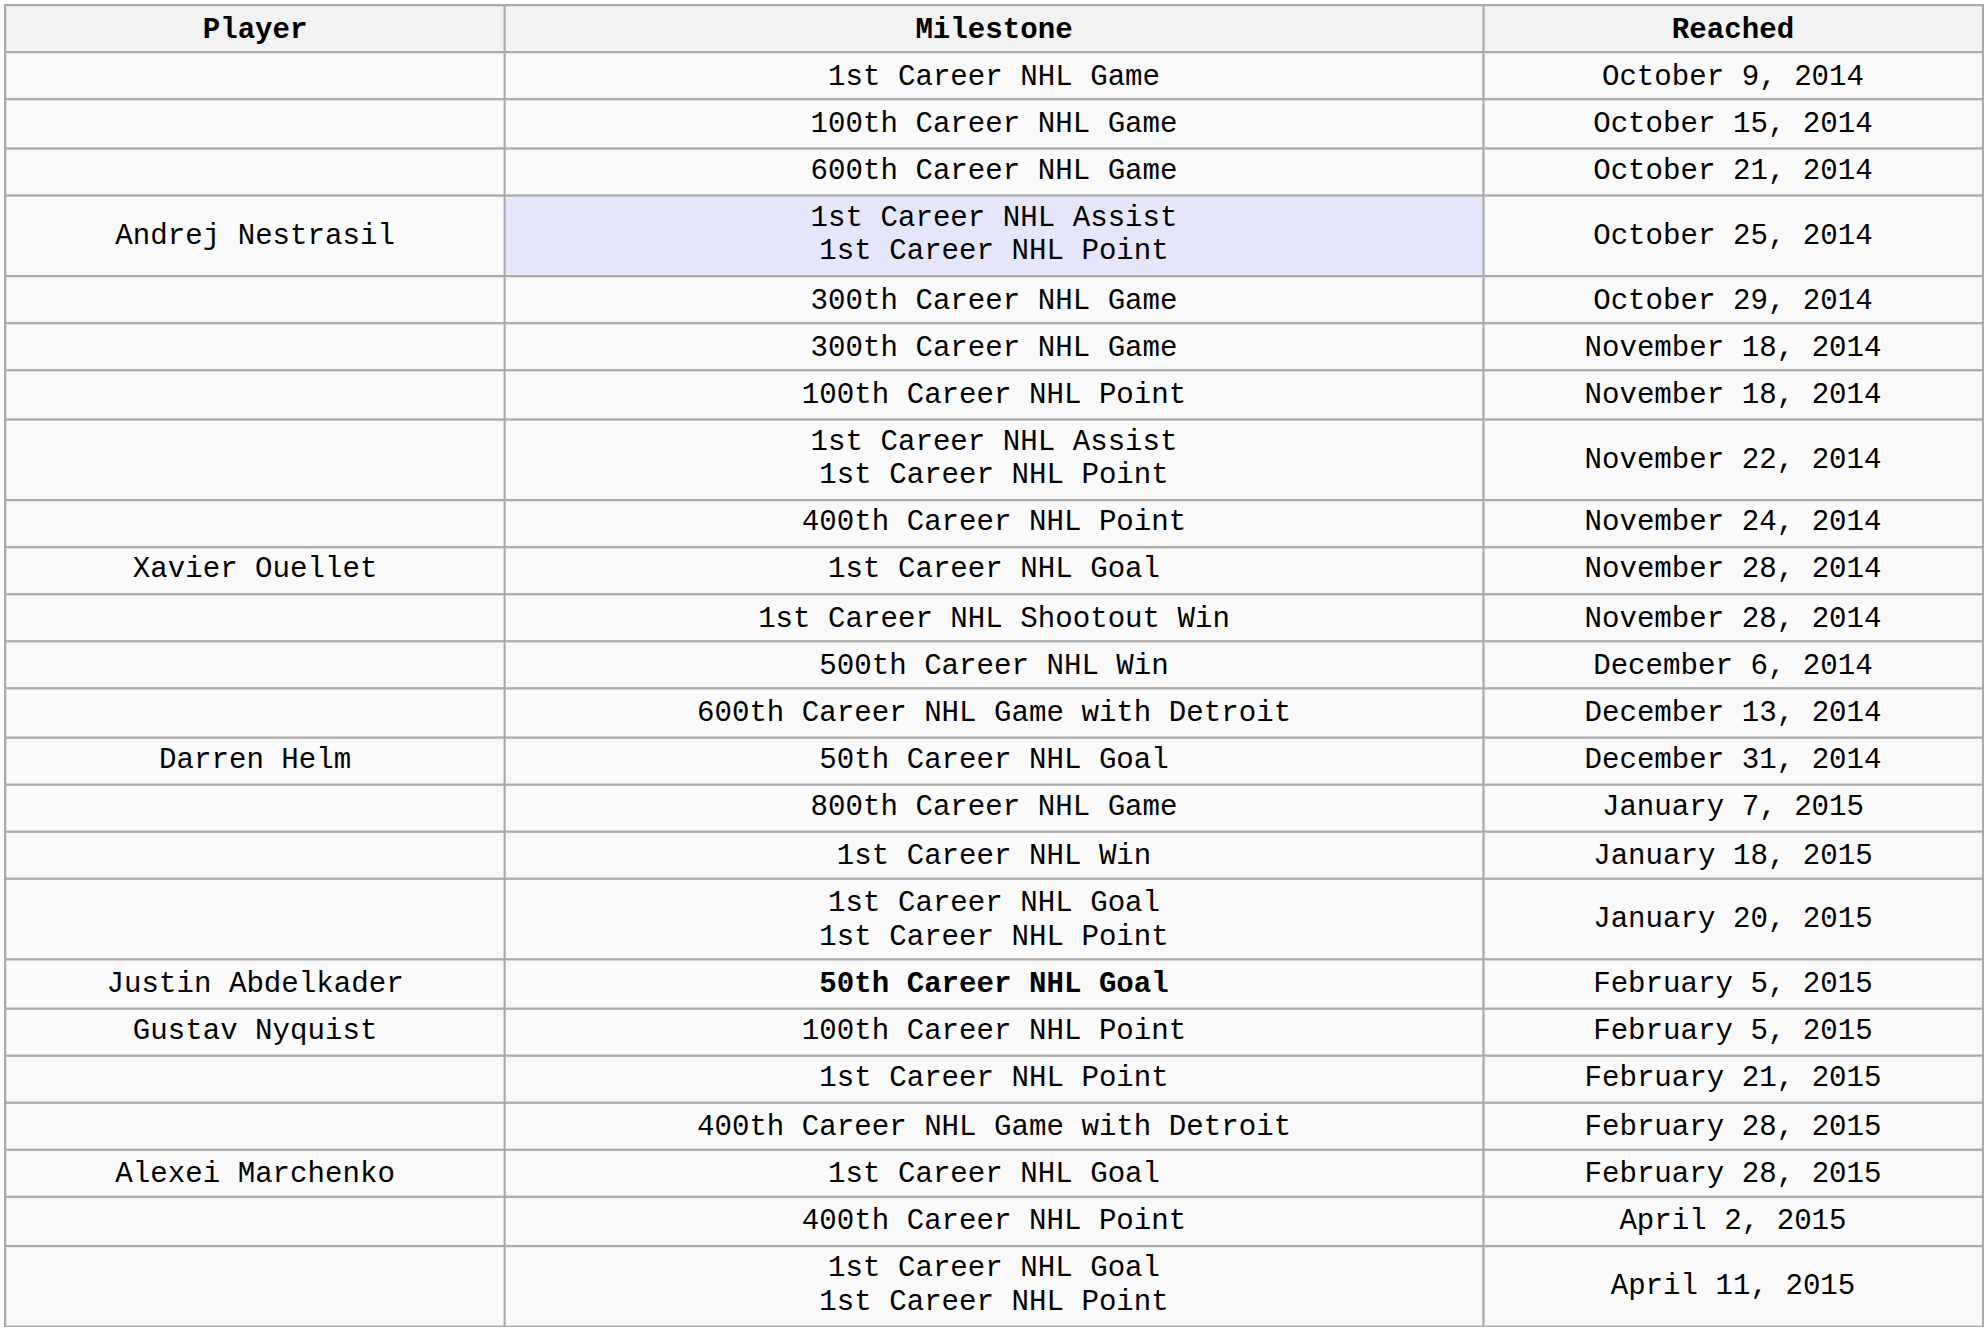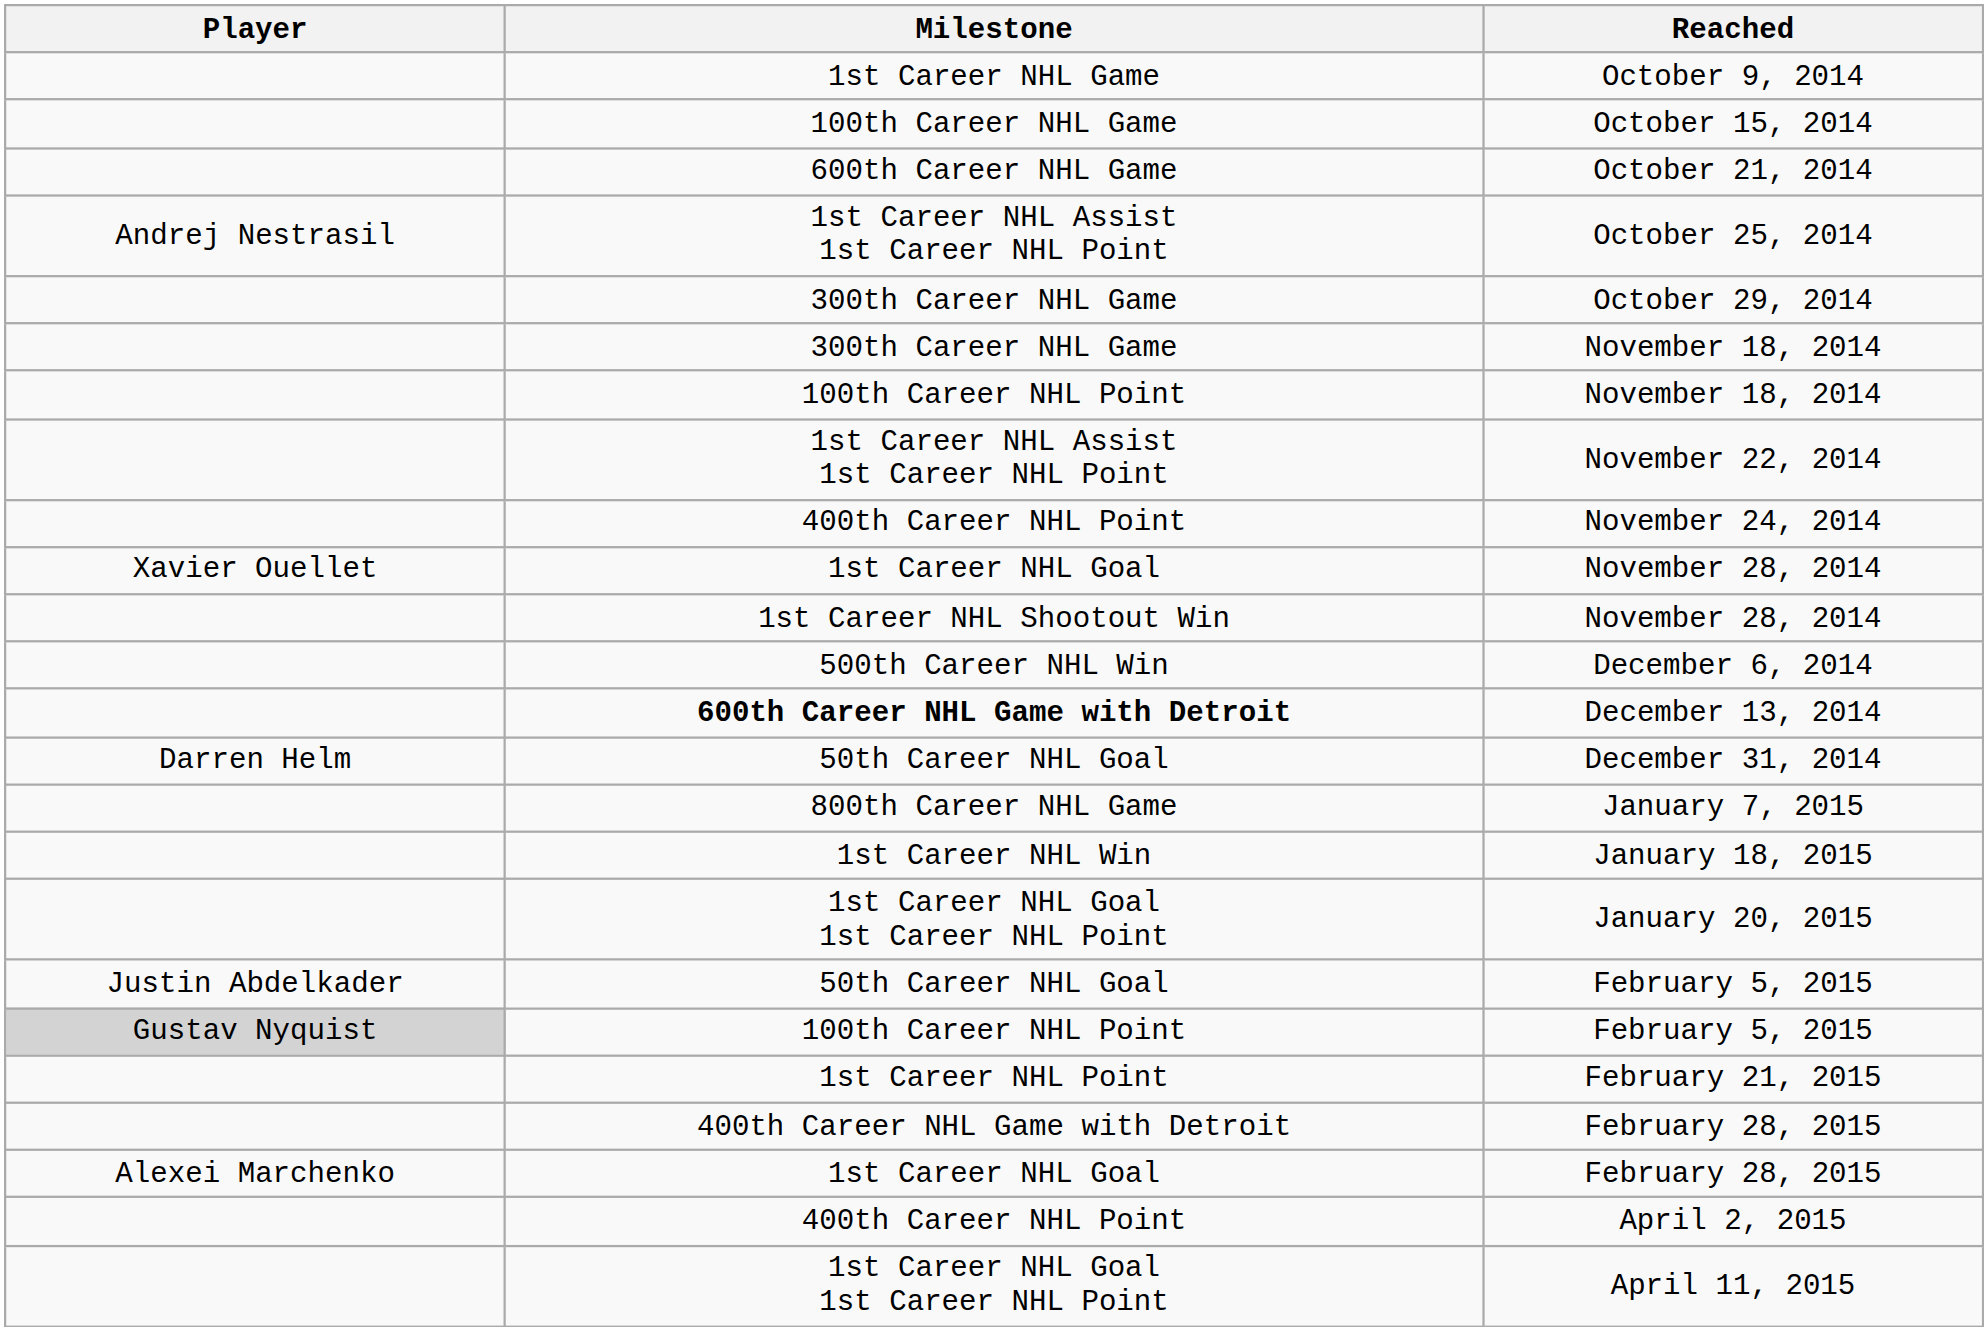 <table class="wikitable sortable" style="width:100%;">
 <tr align=center>
 <th>Player</th>
 <th>Milestone</th>
 <th data-sort-type="date">Reached</th>
 </tr>
 <tr align=center>
 <td></td>
 <td>1st Career NHL Game</td>
 <td>October 9, 2014</td>
 </tr>
 <tr align=center>
 <td></td>
 <td>100th Career NHL Game</td>
 <td>October 15, 2014</td>
 </tr>
 <tr align=center>
 <td></td>
 <td>600th Career NHL Game</td>
 <td>October 21, 2014</td>
 </tr>
 <tr align=center>
 <td>Andrej Nestrasil</td>
-<td style="background: lavender;">1st Career NHL Assist<br>1st Career NHL Point</td>
+<td>1st Career NHL Assist<br>1st Career NHL Point</td>
 <td>October 25, 2014</td>
 </tr>
 <tr align=center>
 <td></td>
 <td>300th Career NHL Game</td>
 <td>October 29, 2014</td>
 </tr>
 <tr align=center>
 <td></td>
 <td>300th Career NHL Game</td>
 <td>November 18, 2014</td>
 </tr>
 <tr align=center>
 <td></td>
 <td>100th Career NHL Point</td>
 <td>November 18, 2014</td>
 </tr>
 <tr align=center>
 <td></td>
 <td>1st Career NHL Assist<br>1st Career NHL Point</td>
 <td>November 22, 2014</td>
 </tr>
 <tr align=center>
 <td></td>
 <td>400th Career NHL Point</td>
 <td>November 24, 2014</td>
 </tr>
 <tr align=center>
 <td>Xavier Ouellet</td>
 <td>1st Career NHL Goal</td>
 <td>November 28, 2014</td>
 </tr>
 <tr align=center>
 <td></td>
 <td>1st Career NHL Shootout Win</td>
 <td>November 28, 2014</td>
 </tr>
 <tr align=center>
 <td></td>
 <td>500th Career NHL Win</td>
 <td>December 6, 2014</td>
 </tr>
 <tr align=center>
 <td></td>
-<td>600th Career NHL Game with Detroit</td>
+<td><strong>600th Career NHL Game with Detroit</strong></td>
 <td>December 13, 2014</td>
 </tr>
 <tr align=center>
 <td>Darren Helm</td>
 <td>50th Career NHL Goal</td>
 <td>December 31, 2014</td>
 </tr>
 <tr align=center>
 <td></td>
 <td>800th Career NHL Game</td>
 <td>January 7, 2015</td>
 </tr>
 <tr align=center>
 <td></td>
 <td>1st Career NHL Win</td>
 <td>January 18, 2015</td>
 </tr>
 <tr align=center>
 <td></td>
 <td>1st Career NHL Goal<br>1st Career NHL Point</td>
 <td>January 20, 2015</td>
 </tr>
 <tr align=center>
 <td>Justin Abdelkader</td>
-<td><strong>50th Career NHL Goal</strong></td>
+<td>50th Career NHL Goal</td>
 <td>February 5, 2015</td>
 </tr>
 <tr align=center>
-<td>Gustav Nyquist</td>
+<td style="background: lightgrey;">Gustav Nyquist</td>
 <td>100th Career NHL Point</td>
 <td>February 5, 2015</td>
 </tr>
 <tr align=center>
 <td></td>
 <td>1st Career NHL Point</td>
 <td>February 21, 2015</td>
 </tr>
 <tr align=center>
 <td></td>
 <td>400th Career NHL Game with Detroit</td>
 <td>February 28, 2015</td>
 </tr>
 <tr align=center>
 <td>Alexei Marchenko</td>
 <td>1st Career NHL Goal</td>
 <td>February 28, 2015</td>
 </tr>
 <tr align=center>
 <td></td>
 <td>400th Career NHL Point</td>
 <td>April 2, 2015</td>
 </tr>
 <tr align=center>
 <td></td>
 <td>1st Career NHL Goal<br>1st Career NHL Point</td>
 <td>April 11, 2015</td>
 </tr>
 </table>
